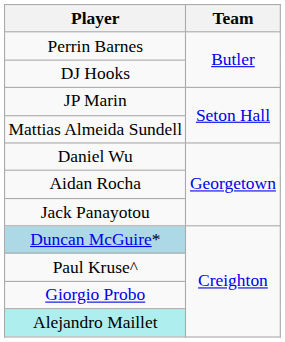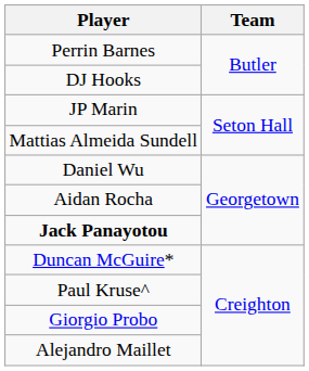 <table class="wikitable" style="text-align: center;">
 <tr>
 <th>Player</th>
 <th>Team</th>
 </tr>
 <tr>
 <td>Perrin Barnes</td>
 <td rowspan=2><a href='#'>Butler</a></td>
 </tr>
 <tr>
 <td>DJ Hooks</td>
 </tr>
 <tr>
 <td>JP Marin</td>
 <td rowspan=2><a href='#'>Seton Hall</a></td>
 </tr>
 <tr>
 <td>Mattias Almeida Sundell</td>
 </tr>
 <tr>
 <td>Daniel Wu</td>
 <td rowspan=3><a href='#'>Georgetown</a></td>
 </tr>
 <tr>
 <td>Aidan Rocha</td>
 </tr>
 <tr>
-<td>Jack Panayotou</td>
+<td><strong>Jack Panayotou</strong></td>
 </tr>
 <tr>
-<td style="background: lightblue;"><a href='#'>Duncan McGuire</a>*</td>
+<td><a href='#'>Duncan McGuire</a>*</td>
 <td rowspan=4><a href='#'>Creighton</a></td>
 </tr>
 <tr>
 <td>Paul Kruse^</td>
 </tr>
 <tr>
 <td><a href='#'>Giorgio Probo</a></td>
 </tr>
 <tr>
-<td style="background: paleturquoise;">Alejandro Maillet</td>
+<td>Alejandro Maillet</td>
 </tr>
 </table>
